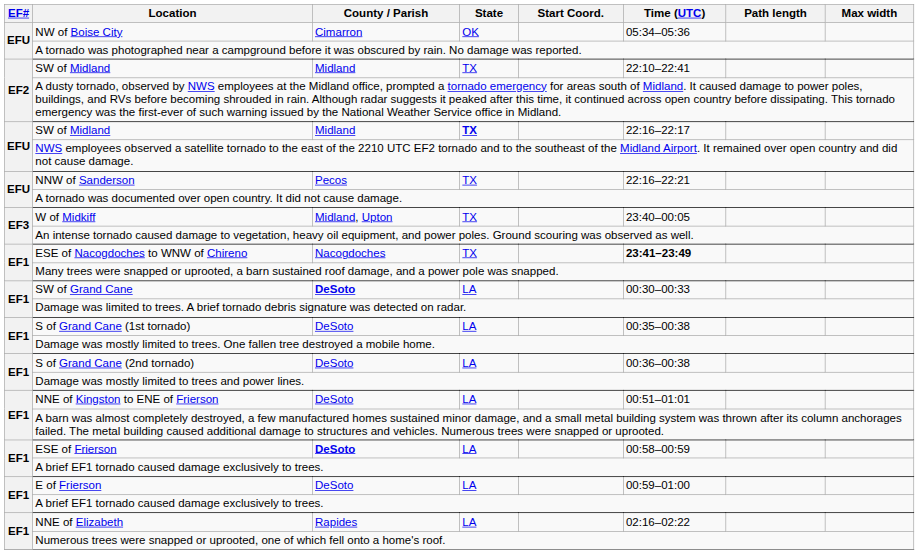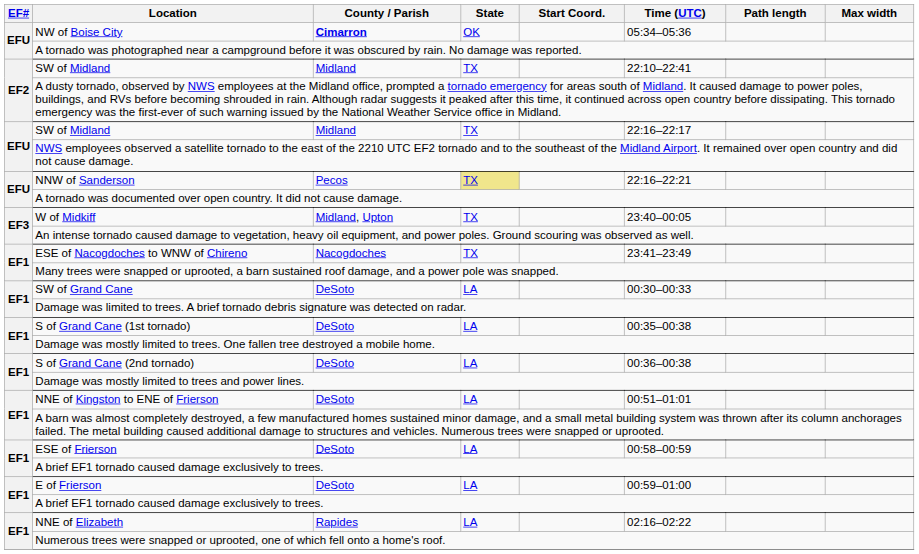 <table class="wikitable sortable" style="width:100%;">
 <tr>
 <th scope="col" width="2%" align="center"><a href='#'>EF#</a></th>
 <th scope="col" align="center" class="unsortable">Location</th>
 <th scope="col" align="center" class="unsortable">County / Parish</th>
 <th scope="col" align="center">State</th>
 <th scope="col" align="center">Start Coord.</th>
 <th scope="col" align="center">Time (<a href='#'>UTC</a>)</th>
 <th scope="col" align="center">Path length</th>
 <th scope="col" align="center">Max width</th>
 </tr>
 <tr>
 <th scope="row" rowspan="2" style="background-color:#">EFU</th>
 <td>NW of <a href='#'>Boise City</a></td>
-<td><a href='#'>Cimarron</a></td>
+<td><strong><a href='#'>Cimarron</a></strong></td>
 <td><a href='#'>OK</a></td>
 <td></td>
 <td>05:34–05:36</td>
 <td></td>
 <td></td>
 </tr>
 <tr class="expand-child">
 <td colspan="8" style=" border-bottom: 1px solid black;">A tornado was photographed near a campground before it was obscured by rain. No damage was reported.</td>
 </tr>
 <tr>
 <th scope="row" rowspan="2" style="background-color:#">EF2</th>
 <td>SW of <a href='#'>Midland</a></td>
 <td><a href='#'>Midland</a></td>
 <td><a href='#'>TX</a></td>
 <td></td>
 <td>22:10–22:41</td>
 <td></td>
 <td></td>
 </tr>
 <tr class="expand-child">
 <td colspan="8" style=" border-bottom: 1px solid black;">A dusty tornado, observed by <a href='#'>NWS</a> employees at the Midland office, prompted a <a href='#'>tornado emergency</a> for areas south of <a href='#'>Midland</a>. It caused damage to power poles, buildings, and RVs before becoming shrouded in rain. Although radar suggests it peaked after this time, it continued across open country before dissipating. This tornado emergency was the first-ever of such warning issued by the National Weather Service office in Midland.</td>
 </tr>
 <tr>
 <th scope="row" rowspan="2" style="background-color:#">EFU</th>
 <td>SW of <a href='#'>Midland</a></td>
 <td><a href='#'>Midland</a></td>
-<td><strong><a href='#'>TX</a></strong></td>
+<td><a href='#'>TX</a></td>
 <td></td>
 <td>22:16–22:17</td>
 <td></td>
 <td></td>
 </tr>
 <tr class="expand-child">
 <td colspan="8" style=" border-bottom: 1px solid black;"><a href='#'>NWS</a> employees observed a satellite tornado to the east of the 2210 UTC EF2 tornado and to the southeast of the <a href='#'>Midland Airport</a>. It remained over open country and did not cause damage.</td>
 </tr>
 <tr>
 <th scope="row" rowspan="2" style="background-color:#">EFU</th>
 <td>NNW of <a href='#'>Sanderson</a></td>
 <td><a href='#'>Pecos</a></td>
-<td><a href='#'>TX</a></td>
+<td style="background: khaki;"><a href='#'>TX</a></td>
 <td></td>
 <td>22:16–22:21</td>
 <td></td>
 <td></td>
 </tr>
 <tr class="expand-child">
 <td colspan="8" style=" border-bottom: 1px solid black;">A tornado was documented over open country. It did not cause damage.</td>
 </tr>
 <tr>
 <th scope="row" rowspan="2" style="background-color:#">EF3</th>
 <td>W of <a href='#'>Midkiff</a></td>
 <td><a href='#'>Midland</a>, <a href='#'>Upton</a></td>
 <td><a href='#'>TX</a></td>
 <td></td>
 <td>23:40–00:05</td>
 <td></td>
 <td></td>
 </tr>
 <tr class="expand-child">
 <td colspan="8" style=" border-bottom: 1px solid black;">An intense tornado caused damage to vegetation, heavy oil equipment, and power poles. Ground scouring was observed as well.</td>
 </tr>
 <tr>
 <th scope="row" rowspan="2" style="background-color:#">EF1</th>
 <td>ESE of <a href='#'>Nacogdoches</a> to WNW of <a href='#'>Chireno</a></td>
 <td><a href='#'>Nacogdoches</a></td>
 <td><a href='#'>TX</a></td>
 <td></td>
-<td><strong>23:41–23:49</strong></td>
+<td>23:41–23:49</td>
 <td></td>
 <td></td>
 </tr>
 <tr class="expand-child">
 <td colspan="8" style=" border-bottom: 1px solid black;">Many trees were snapped or uprooted, a barn sustained roof damage, and a power pole was snapped.</td>
 </tr>
 <tr>
 <th scope="row" rowspan="2" style="background-color:#">EF1</th>
 <td>SW of <a href='#'>Grand Cane</a></td>
-<td><strong><a href='#'>DeSoto</a></strong></td>
+<td><a href='#'>DeSoto</a></td>
 <td><a href='#'>LA</a></td>
 <td></td>
 <td>00:30–00:33</td>
 <td></td>
 <td></td>
 </tr>
 <tr class="expand-child">
 <td colspan="8" style=" border-bottom: 1px solid black;">Damage was limited to trees. A brief tornado debris signature was detected on radar.</td>
 </tr>
 <tr>
 <th scope="row" rowspan="2" style="background-color:#">EF1</th>
 <td>S of <a href='#'>Grand Cane</a> (1st tornado)</td>
 <td><a href='#'>DeSoto</a></td>
 <td><a href='#'>LA</a></td>
 <td></td>
 <td>00:35–00:38</td>
 <td></td>
 <td></td>
 </tr>
 <tr class="expand-child">
 <td colspan="8" style=" border-bottom: 1px solid black;">Damage was mostly limited to trees. One fallen tree destroyed a mobile home.</td>
 </tr>
 <tr>
 <th scope="row" rowspan="2" style="background-color:#">EF1</th>
 <td>S of <a href='#'>Grand Cane</a> (2nd tornado)</td>
 <td><a href='#'>DeSoto</a></td>
 <td><a href='#'>LA</a></td>
 <td></td>
 <td>00:36–00:38</td>
 <td></td>
 <td></td>
 </tr>
 <tr class="expand-child">
 <td colspan="8" style=" border-bottom: 1px solid black;">Damage was mostly limited to trees and power lines.</td>
 </tr>
 <tr>
 <th scope="row" rowspan="2" style="background-color:#">EF1</th>
 <td>NNE of <a href='#'>Kingston</a> to ENE of <a href='#'>Frierson</a></td>
 <td><a href='#'>DeSoto</a></td>
 <td><a href='#'>LA</a></td>
 <td></td>
 <td>00:51–01:01</td>
 <td></td>
 <td></td>
 </tr>
 <tr class="expand-child">
 <td colspan="8" style=" border-bottom: 1px solid black;">A barn was almost completely destroyed, a few manufactured homes sustained minor damage, and a small metal building system was thrown after its column anchorages failed. The metal building caused additional damage to structures and vehicles. Numerous trees were snapped or uprooted.</td>
 </tr>
 <tr>
 <th scope="row" rowspan="2" style="background-color:#">EF1</th>
 <td>ESE of <a href='#'>Frierson</a></td>
-<td><strong><a href='#'>DeSoto</a></strong></td>
+<td><a href='#'>DeSoto</a></td>
 <td><a href='#'>LA</a></td>
 <td></td>
 <td>00:58–00:59</td>
 <td></td>
 <td></td>
 </tr>
 <tr class="expand-child">
 <td colspan="8" style=" border-bottom: 1px solid black;">A brief EF1 tornado caused damage exclusively to trees.</td>
 </tr>
 <tr>
 <th scope="row" rowspan="2" style="background-color:#">EF1</th>
 <td>E of <a href='#'>Frierson</a></td>
 <td><a href='#'>DeSoto</a></td>
 <td><a href='#'>LA</a></td>
 <td></td>
 <td>00:59–01:00</td>
 <td></td>
 <td></td>
 </tr>
 <tr class="expand-child">
 <td colspan="8" style=" border-bottom: 1px solid black;">A brief EF1 tornado caused damage exclusively to trees.</td>
 </tr>
 <tr>
 <th scope="row" rowspan="2" style="background-color:#">EF1</th>
 <td>NNE of <a href='#'>Elizabeth</a></td>
 <td><a href='#'>Rapides</a></td>
 <td><a href='#'>LA</a></td>
 <td></td>
 <td>02:16–02:22</td>
 <td></td>
 <td></td>
 </tr>
 <tr class="expand-child">
 <td colspan="8" style=" border-bottom: 1px solid black;">Numerous trees were snapped or uprooted, one of which fell onto a home's roof.</td>
 </tr>
 <tr>
 </tr>
 </table>
